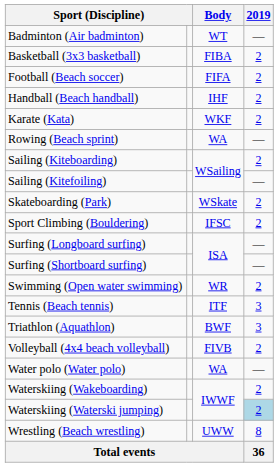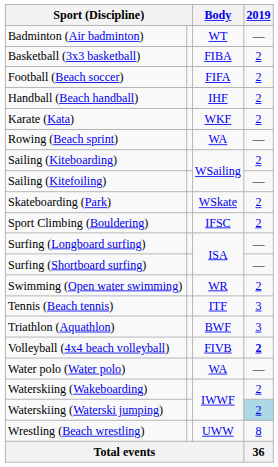 <table class="wikitable" style="margin:0.5em auto;font-size:90%;line-height:1.25;text-align:center">
 <tr>
 <th colspan=2 style="width:15em">Sport (Discipline)</th>
 <th><a href='#'>Body</a></th>
 <th><a href='#'>2019</a></th>
 </tr>
 <tr>
 <td style="text-align:left;white-space:nowrap">Badminton (<a href='#'>Air badminton</a>)</td>
 <td></td>
 <td><a href='#'>WT</a></td>
 <td>—</td>
 </tr>
 <tr>
 <td style="text-align:left;white-space:nowrap">Basketball (<a href='#'>3x3 basketball</a>)</td>
 <td></td>
 <td><a href='#'>FIBA</a></td>
 <td><a href='#'>2</a></td>
 </tr>
 <tr>
 <td style="text-align:left;white-space:nowrap">Football (<a href='#'>Beach soccer</a>)</td>
 <td></td>
 <td><a href='#'>FIFA</a></td>
 <td><a href='#'>2</a></td>
 </tr>
 <tr>
 <td style="text-align:left;white-space:nowrap">Handball (<a href='#'>Beach handball</a>)</td>
 <td></td>
 <td><a href='#'>IHF</a></td>
 <td><a href='#'>2</a></td>
 </tr>
 <tr>
 <td style="text-align:left;white-space:nowrap">Karate (<a href='#'>Kata</a>)</td>
 <td></td>
 <td><a href='#'>WKF</a></td>
 <td><a href='#'>2</a></td>
 </tr>
 <tr>
 <td style="text-align:left;white-space:nowrap">Rowing (<a href='#'>Beach sprint</a>)</td>
 <td></td>
 <td><a href='#'>WA</a></td>
 <td>—</td>
 </tr>
 <tr>
 <td style="text-align:left;white-space:nowrap">Sailing (<a href='#'>Kiteboarding</a>)</td>
 <td></td>
 <td rowspan="2"><a href='#'>WSailing</a></td>
 <td><a href='#'>2</a></td>
 </tr>
 <tr>
 <td style="text-align:left;white-space:nowrap">Sailing (<a href='#'>Kitefoiling</a>)</td>
 <td></td>
 <td>—</td>
 </tr>
 <tr>
 <td style="text-align:left;white-space:nowrap">Skateboarding (<a href='#'>Park</a>)</td>
 <td></td>
 <td><a href='#'>WSkate</a></td>
 <td><a href='#'>2</a></td>
 </tr>
 <tr>
 <td style="text-align:left;white-space:nowrap">Sport Climbing (<a href='#'>Bouldering</a>)</td>
 <td></td>
 <td><a href='#'>IFSC</a></td>
 <td><a href='#'>2</a></td>
 </tr>
 <tr>
 <td style="text-align:left;white-space:nowrap">Surfing (<a href='#'>Longboard surfing</a>)</td>
 <td></td>
 <td rowspan="2"><a href='#'>ISA</a></td>
 <td>—</td>
 </tr>
 <tr>
 <td style="text-align:left;white-space:nowrap">Surfing (<a href='#'>Shortboard surfing</a>)</td>
 <td></td>
 <td>—</td>
 </tr>
 <tr>
 <td style="text-align:left;white-space:nowrap">Swimming (<a href='#'>Open water swimming</a>)</td>
 <td></td>
 <td><a href='#'>WR</a></td>
 <td><a href='#'>2</a></td>
 </tr>
 <tr>
 <td style="text-align:left;white-space:nowrap">Tennis (<a href='#'>Beach tennis</a>)</td>
 <td></td>
 <td><a href='#'>ITF</a></td>
 <td><a href='#'>3</a></td>
 </tr>
 <tr>
 <td style="text-align:left;white-space:nowrap">Triathlon (<a href='#'>Aquathlon</a>)</td>
 <td></td>
 <td><a href='#'>BWF</a></td>
 <td><a href='#'>3</a></td>
 </tr>
 <tr>
 <td style="text-align:left;white-space:nowrap">Volleyball (<a href='#'>4x4 beach volleyball</a>)</td>
 <td></td>
 <td><a href='#'>FIVB</a></td>
-<td><a href='#'>2</a></td>
+<td><strong><a href='#'>2</a></strong></td>
 </tr>
 <tr>
 <td style="text-align:left;white-space:nowrap">Water polo (<a href='#'>Water polo</a>)</td>
 <td></td>
 <td><a href='#'>WA</a></td>
 <td>—</td>
 </tr>
 <tr>
 <td style="text-align:left;white-space:nowrap">Waterskiing (<a href='#'>Wakeboarding</a>)</td>
 <td></td>
 <td rowspan="2"><a href='#'>IWWF</a></td>
 <td><a href='#'>2</a></td>
 </tr>
 <tr>
 <td style="text-align:left;white-space:nowrap">Waterskiing (<a href='#'>Waterski jumping</a>)</td>
 <td></td>
 <td style="background: lightblue;"><a href='#'>2</a></td>
 </tr>
 <tr>
 <td style="text-align:left;white-space:nowrap">Wrestling (<a href='#'>Beach wrestling</a>)</td>
 <td></td>
 <td><a href='#'>UWW</a></td>
 <td><a href='#'>8</a></td>
 </tr>
 <tr>
 <th colspan="3">Total events</th>
 <th>36</th>
 </tr>
 </table>
